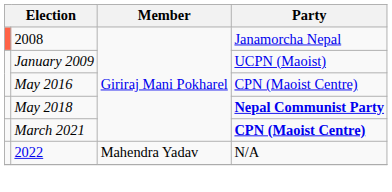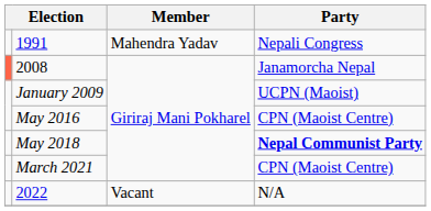 <table class="wikitable">
 <tr>
 <th colspan="2">Election</th>
 <th>Member</th>
 <th>Party</th>
+</tr>
+<tr>
+<td style="background-color:"></td>
+<td><a href='#'>1991</a></td>
+<td>Mahendra Yadav</td>
+<td><a href='#'>Nepali Congress</a></td>
 </tr>
 <tr>
 <td style="background-color:tomato"></td>
 <td>2008</td>
 <td rowspan="5"><a href='#'>Giriraj Mani Pokharel</a></td>
 <td><a href='#'>Janamorcha Nepal</a></td>
 </tr>
 <tr>
 <td rowspan="2" style="background-color:"></td>
 <td><em>January 2009</em></td>
 <td><a href='#'>UCPN (Maoist)</a></td>
 </tr>
 <tr>
 <td><em>May 2016</em></td>
 <td><a href='#'>CPN (Maoist Centre)</a></td>
 </tr>
 <tr>
 <td style="background-color:"></td>
 <td><em>May 2018</em></td>
 <td><strong><a href='#'>Nepal Communist Party</a></strong></td>
 </tr>
 <tr>
 <td></td>
 <td><em>March 2021</em></td>
-<td><strong><a href='#'>CPN (Maoist Centre)</a></strong></td>
+<td><a href='#'>CPN (Maoist Centre)</a></td>
 </tr>
 <tr>
 <td></td>
 <td><a href='#'>2022</a></td>
-<td>Mahendra Yadav</td>
+<td>Vacant</td>
 <td>N/A</td>
 </tr>
 <tr>
 </tr>
 </table>
